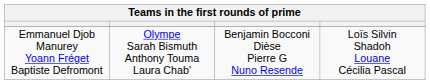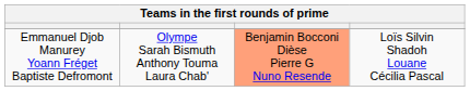 <table class="wikitable" text=align:center>
 <tr>
 <th colspan=4 style="width:95%;">Teams in the first rounds of prime</th>
 </tr>
 <tr>
 <th style="width:23%;" scope="col"></th>
 <th style="width:23%;" scope="col"></th>
 <th style="width:23%;" scope="col"></th>
 <th style="width:23%;" scope="col"></th>
 </tr>
 <tr>
 </tr>
 <tr align="center" valign="top">
 <td>Emmanuel Djob<br>Manurey<br><a href='#'>Yoann Fréget</a><br>Baptiste Defromont</td>
 <td><a href='#'>Olympe</a><br>Sarah Bismuth<br>Anthony Touma<br>Laura Chab'</td>
-<td>Benjamin Bocconi<br>Dièse<br>Pierre G<br><a href='#'>Nuno Resende</a></td>
+<td style="background: lightsalmon;">Benjamin Bocconi<br>Dièse<br>Pierre G<br><a href='#'>Nuno Resende</a></td>
 <td>Loïs Silvin<br>Shadoh<br><a href='#'>Louane</a><br>Cécilia Pascal</td>
 </tr>
 </table>
